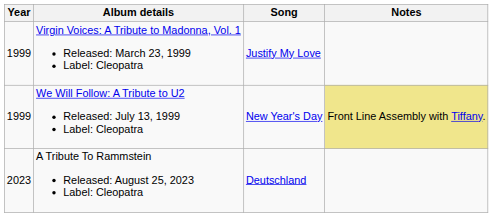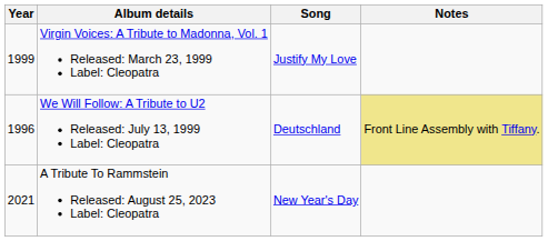 <table class="wikitable">
 <tr>
 <th>Year</th>
 <th>Album details</th>
 <th>Song</th>
 <th>Notes</th>
 </tr>
 <tr>
 <td>1999</td>
 <td><a href='#'>Virgin Voices: A Tribute to Madonna, Vol. 1</a><br><ul><li>Released: March 23, 1999</li><li>Label: Cleopatra</li></ul></td>
 <td><a href='#'>Justify My Love</a></td>
 <td></td>
 </tr>
 <tr>
-<td>1999</td>
+<td>1996</td>
 <td><a href='#'>We Will Follow: A Tribute to U2</a><br><ul><li>Released: July 13, 1999</li><li>Label: Cleopatra</li></ul></td>
-<td><a href='#'>New Year's Day</a></td>
+<td><a href='#'>Deutschland</a></td>
 <td style="background: khaki;">Front Line Assembly with <a href='#'>Tiffany</a>.</td>
 </tr>
 <tr>
-<td>2023</td>
+<td>2021</td>
 <td>A Tribute To Rammstein<br><ul><li>Released: August 25, 2023</li><li>Label: Cleopatra</li></ul></td>
-<td><a href='#'>Deutschland</a></td>
+<td><a href='#'>New Year's Day</a></td>
 <td></td>
 </tr>
 </table>
